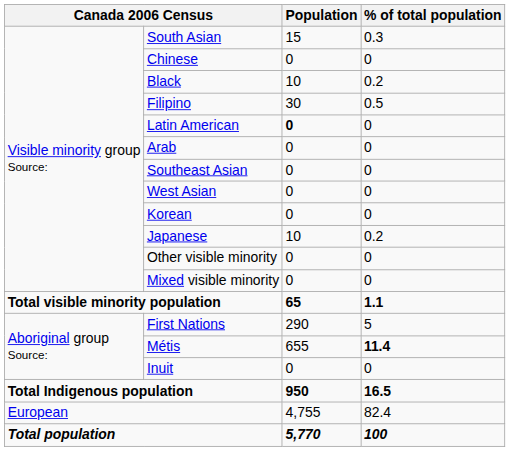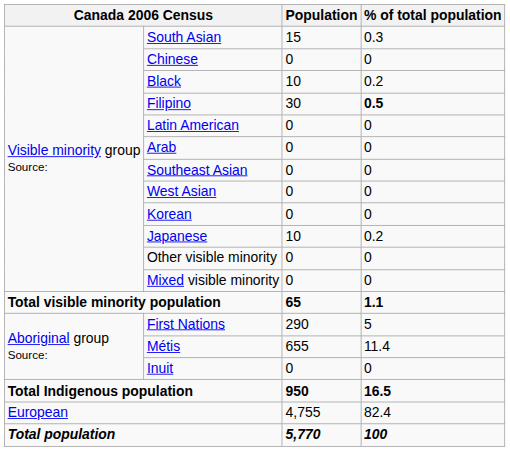 <table class="wikitable">
 <tr>
 <th colspan="2">Canada 2006 Census</th>
 <th>Population</th>
 <th>% of total population</th>
 </tr>
 <tr>
 <td rowspan="12"><a href='#'>Visible minority</a> group<br><small>Source:</small></td>
 <td><a href='#'>South Asian</a></td>
 <td>15</td>
 <td>0.3</td>
 </tr>
 <tr>
 <td><a href='#'>Chinese</a></td>
 <td>0</td>
 <td>0</td>
 </tr>
 <tr>
 <td><a href='#'>Black</a></td>
 <td>10</td>
 <td>0.2</td>
 </tr>
 <tr>
 <td><a href='#'>Filipino</a></td>
 <td>30</td>
-<td>0.5</td>
+<td><strong>0.5</strong></td>
 </tr>
 <tr>
 <td><a href='#'>Latin American</a></td>
-<td><strong>0</strong></td>
+<td>0</td>
 <td>0</td>
 </tr>
 <tr>
 <td><a href='#'>Arab</a></td>
 <td>0</td>
 <td>0</td>
 </tr>
 <tr>
 <td><a href='#'>Southeast Asian</a></td>
 <td>0</td>
 <td>0</td>
 </tr>
 <tr>
 <td><a href='#'>West Asian</a></td>
 <td>0</td>
 <td>0</td>
 </tr>
 <tr>
 <td><a href='#'>Korean</a></td>
 <td>0</td>
 <td>0</td>
 </tr>
 <tr>
 <td><a href='#'>Japanese</a></td>
 <td>10</td>
 <td>0.2</td>
 </tr>
 <tr>
 <td>Other visible minority</td>
 <td>0</td>
 <td>0</td>
 </tr>
 <tr>
 <td><a href='#'>Mixed</a> visible minority</td>
 <td>0</td>
 <td>0</td>
 </tr>
 <tr>
 <td colspan="2"><strong>Total visible minority population</strong></td>
 <td><strong>65</strong></td>
 <td><strong>1.1</strong></td>
 </tr>
 <tr>
 <td rowspan="3"><a href='#'>Aboriginal</a> group<br><small>Source:</small></td>
 <td><a href='#'>First Nations</a></td>
 <td>290</td>
 <td>5</td>
 </tr>
 <tr>
 <td><a href='#'>Métis</a></td>
 <td>655</td>
-<td><strong>11.4</strong></td>
+<td>11.4</td>
 </tr>
 <tr>
 <td><a href='#'>Inuit</a></td>
 <td>0</td>
 <td>0</td>
 </tr>
 <tr>
 <td colspan="2"><strong>Total Indigenous population</strong></td>
 <td><strong>950</strong></td>
 <td><strong>16.5</strong></td>
 </tr>
 <tr>
 <td colspan="2"><a href='#'>European</a></td>
 <td>4,755</td>
 <td>82.4</td>
 </tr>
 <tr>
 <td colspan="2"><strong><em>Total population</em></strong></td>
 <td><strong><em>5,770</em></strong></td>
 <td><strong><em>100</em></strong></td>
 </tr>
 </table>
